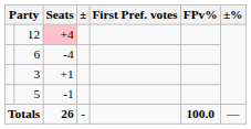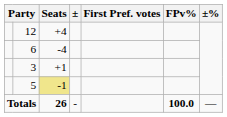 <table class=wikitable>
 <tr>
 <th colspan=2 align=center>Party</th>
 <th valign=top>Seats</th>
 <th valign=top>±</th>
 <th valign=top>First Pref. votes</th>
 <th valign=top>FPv%</th>
 <th valign=top>±%</th>
 </tr>
 <tr>
 <td></td>
 <td align=right>12</td>
-<td align=right style="background: pink;">+4</td>
+<td align=right>+4</td>
 <td align=right></td>
 <td align=right></td>
 <td align=right></td>
 </tr>
 <tr>
 <td></td>
 <td align=right>6</td>
 <td align=right>-4</td>
 <td align=right></td>
 <td align=right></td>
 <td align=right></td>
 </tr>
 <tr>
 <td></td>
 <td align=right>3</td>
 <td align=right>+1</td>
 <td align=right></td>
 <td align=right></td>
 <td align=right></td>
 </tr>
 <tr>
 <td></td>
 <td align=right>5</td>
-<td align=right>-1</td>
+<td align=right style="background: khaki;">-1</td>
 <td align=right></td>
 <td align=right></td>
 <td align=right></td>
 </tr>
 <tr>
 <td colspan=2 align=center><strong>Totals</strong></td>
 <td align=right><strong>26</strong></td>
 <td align=center>-</td>
 <td align=right></td>
 <td align=center><strong>100.0</strong></td>
 <td align=center>—</td>
 </tr>
 </table>
